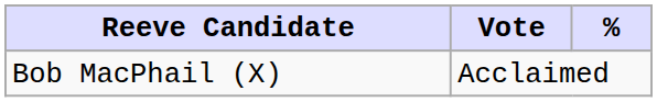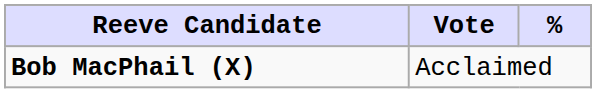 <table class="wikitable">
 <tr>
 <th style="background:#ddf; width:200px;">Reeve Candidate </th>
 <th style="background:#ddf; width:50px;">Vote</th>
 <th style="background:#ddf; width:30px;">%</th>
 </tr>
 <tr>
-<td>Bob MacPhail (X)</td>
+<td><strong>Bob MacPhail (X)</strong></td>
 <td colspan="2">Acclaimed</td>
 </tr>
 </table>
